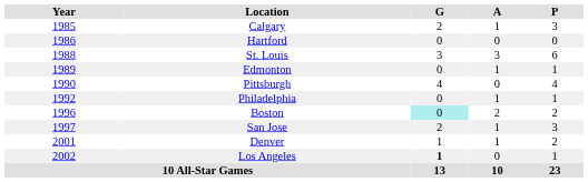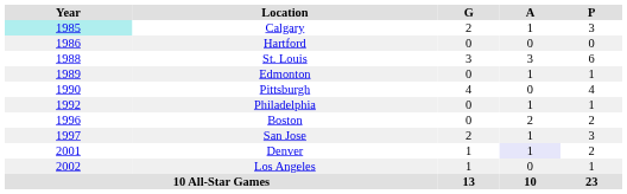 <table border="0" cellpadding="1" cellspacing="0" style="text-align:center; width:50em">
 <tr style="background:#e0e0e0;">
 <th>Year</th>
 <th>Location</th>
 <th>G</th>
 <th>A</th>
 <th>P</th>
 </tr>
 <tr>
-<td><a href='#'>1985</a></td>
+<td style="background: paleturquoise;"><a href='#'>1985</a></td>
 <td><a href='#'>Calgary</a></td>
 <td>2</td>
 <td>1</td>
 <td>3</td>
 </tr>
 <tr bgcolor="#f0f0f0">
 <td><a href='#'>1986</a></td>
 <td><a href='#'>Hartford</a></td>
 <td>0</td>
 <td>0</td>
 <td>0</td>
 </tr>
 <tr>
 <td><a href='#'>1988</a></td>
 <td><a href='#'>St. Louis</a></td>
 <td>3</td>
 <td>3</td>
 <td>6</td>
 </tr>
 <tr bgcolor="#f0f0f0">
 <td><a href='#'>1989</a></td>
 <td><a href='#'>Edmonton</a></td>
 <td>0</td>
 <td>1</td>
 <td>1</td>
 </tr>
 <tr>
 <td><a href='#'>1990</a></td>
 <td><a href='#'>Pittsburgh</a></td>
 <td>4</td>
 <td>0</td>
 <td>4</td>
 </tr>
 <tr bgcolor="#f0f0f0">
 <td><a href='#'>1992</a></td>
 <td><a href='#'>Philadelphia</a></td>
 <td>0</td>
 <td>1</td>
 <td>1</td>
 </tr>
 <tr>
 <td><a href='#'>1996</a></td>
 <td><a href='#'>Boston</a></td>
-<td style="background: paleturquoise;">0</td>
+<td>0</td>
 <td>2</td>
 <td>2</td>
 </tr>
 <tr bgcolor="#f0f0f0">
 <td><a href='#'>1997</a></td>
 <td><a href='#'>San Jose</a></td>
 <td>2</td>
 <td>1</td>
 <td>3</td>
 </tr>
 <tr>
 <td><a href='#'>2001</a></td>
 <td><a href='#'>Denver</a></td>
 <td>1</td>
-<td>1</td>
+<td style="background: lavender;">1</td>
 <td>2</td>
 </tr>
 <tr bgcolor="#f0f0f0">
 <td><a href='#'>2002</a></td>
 <td><a href='#'>Los Angeles</a></td>
-<td><strong>1</strong></td>
+<td>1</td>
 <td>0</td>
 <td>1</td>
 </tr>
 <tr bgcolor="#e0e0e0">
 <th colspan="2">10 All-Star Games</th>
 <th>13</th>
 <th>10</th>
 <th>23</th>
 </tr>
 </table>
